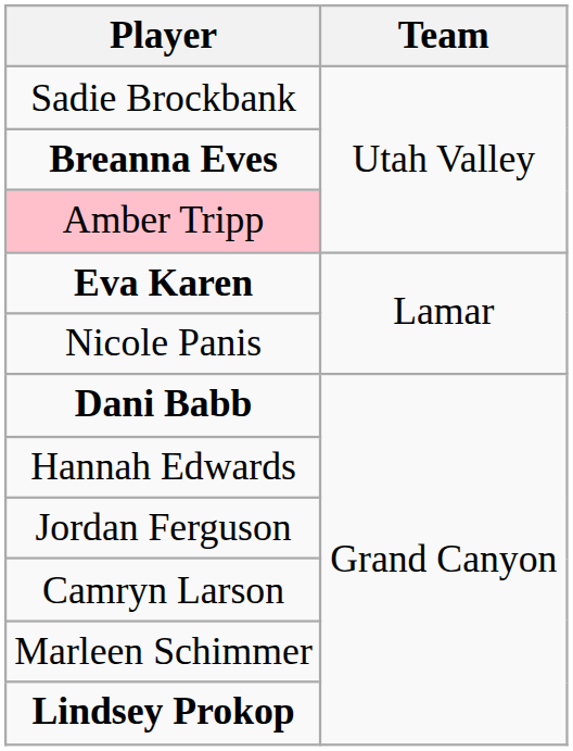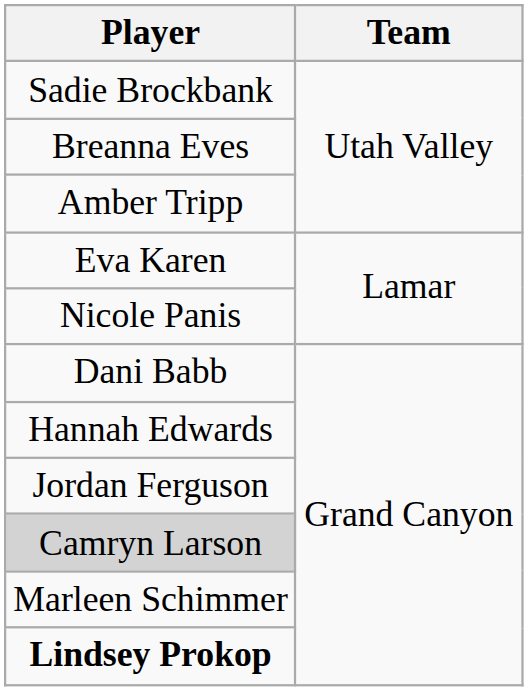 <table class="wikitable" style="text-align: center;">
 <tr>
 <th>Player</th>
 <th>Team</th>
 </tr>
 <tr>
 <td>Sadie Brockbank </td>
 <td rowspan=3>Utah Valley </td>
 </tr>
 <tr>
-<td><strong>Breanna Eves </strong></td>
+<td>Breanna Eves </td>
 </tr>
 <tr>
-<td style="background: pink;">Amber Tripp </td>
+<td>Amber Tripp </td>
 </tr>
 <tr>
-<td><strong>Eva Karen </strong></td>
+<td>Eva Karen </td>
 <td rowspan=2>Lamar </td>
 </tr>
 <tr>
 <td>Nicole Panis </td>
 </tr>
 <tr>
-<td><strong>Dani Babb </strong></td>
+<td>Dani Babb </td>
 <td rowspan=6>Grand Canyon </td>
 </tr>
 <tr>
 <td>Hannah Edwards </td>
 </tr>
 <tr>
 <td>Jordan Ferguson </td>
 </tr>
 <tr>
-<td>Camryn Larson </td>
+<td style="background: lightgrey;">Camryn Larson </td>
 </tr>
 <tr>
 <td>Marleen Schimmer </td>
 </tr>
 <tr>
 <td><strong>Lindsey Prokop</strong></td>
 </tr>
 </table>
